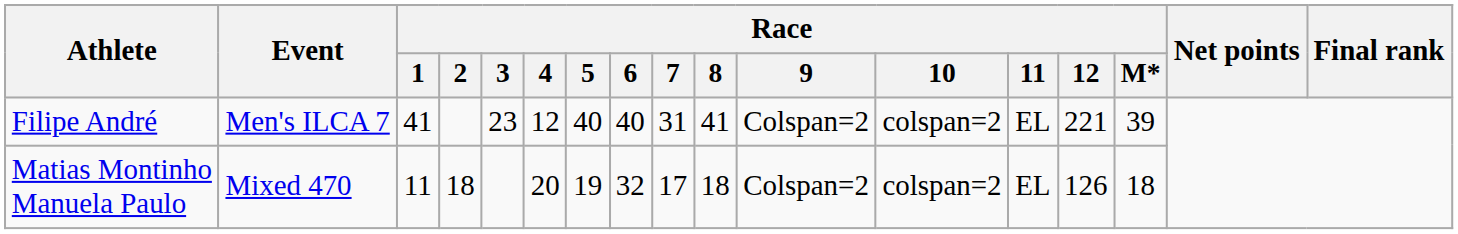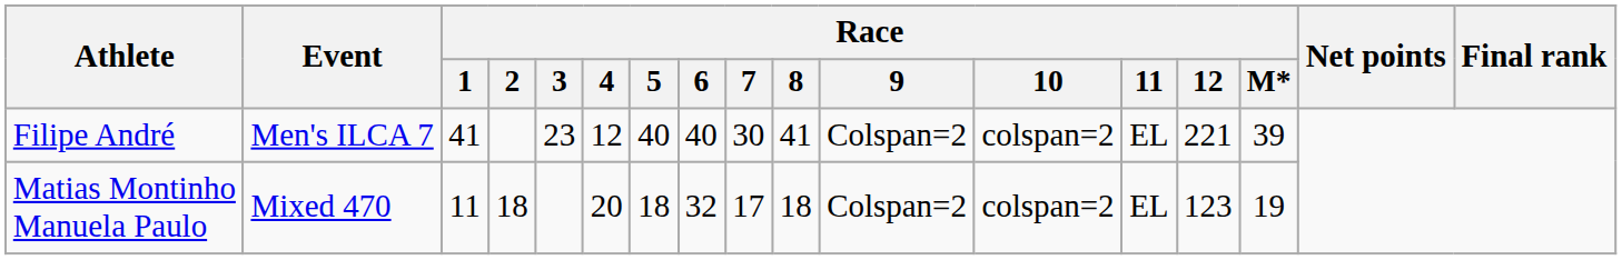 <table class="wikitable" style="font-size:90%">
 <tr>
 <th rowspan=2>Athlete</th>
 <th rowspan=2>Event</th>
 <th colspan=13>Race</th>
 <th rowspan=2>Net points</th>
 <th rowspan=2>Final rank</th>
 </tr>
 <tr style=font-size:95%>
 <th>1</th>
 <th>2</th>
 <th>3</th>
 <th>4</th>
 <th>5</th>
 <th>6</th>
 <th>7</th>
 <th>8</th>
 <th>9</th>
 <th>10</th>
 <th>11</th>
 <th>12</th>
 <th>M*</th>
 </tr>
 <tr align=center>
 <td align=left><a href='#'>Filipe André</a></td>
 <td align=left><a href='#'>Men's ILCA 7</a></td>
 <td>41</td>
 <td></td>
 <td>23</td>
 <td>12</td>
 <td>40</td>
 <td>40</td>
-<td>31</td>
+<td>30</td>
 <td>41</td>
 <td>Colspan=2</td>
 <td>colspan=2 </td>
 <td>EL</td>
 <td>221</td>
 <td>39</td>
 </tr>
 <tr align=center>
 <td align=left><a href='#'>Matias Montinho</a><br><a href='#'>Manuela Paulo</a></td>
 <td align=left><a href='#'>Mixed 470</a></td>
 <td>11</td>
 <td>18</td>
 <td></td>
 <td>20</td>
-<td>19</td>
+<td>18</td>
 <td>32</td>
 <td>17</td>
 <td>18</td>
 <td>Colspan=2</td>
 <td>colspan=2 </td>
 <td>EL</td>
-<td>126</td>
-<td>18</td>
+<td>123</td>
+<td>19</td>
 </tr>
 </table>
